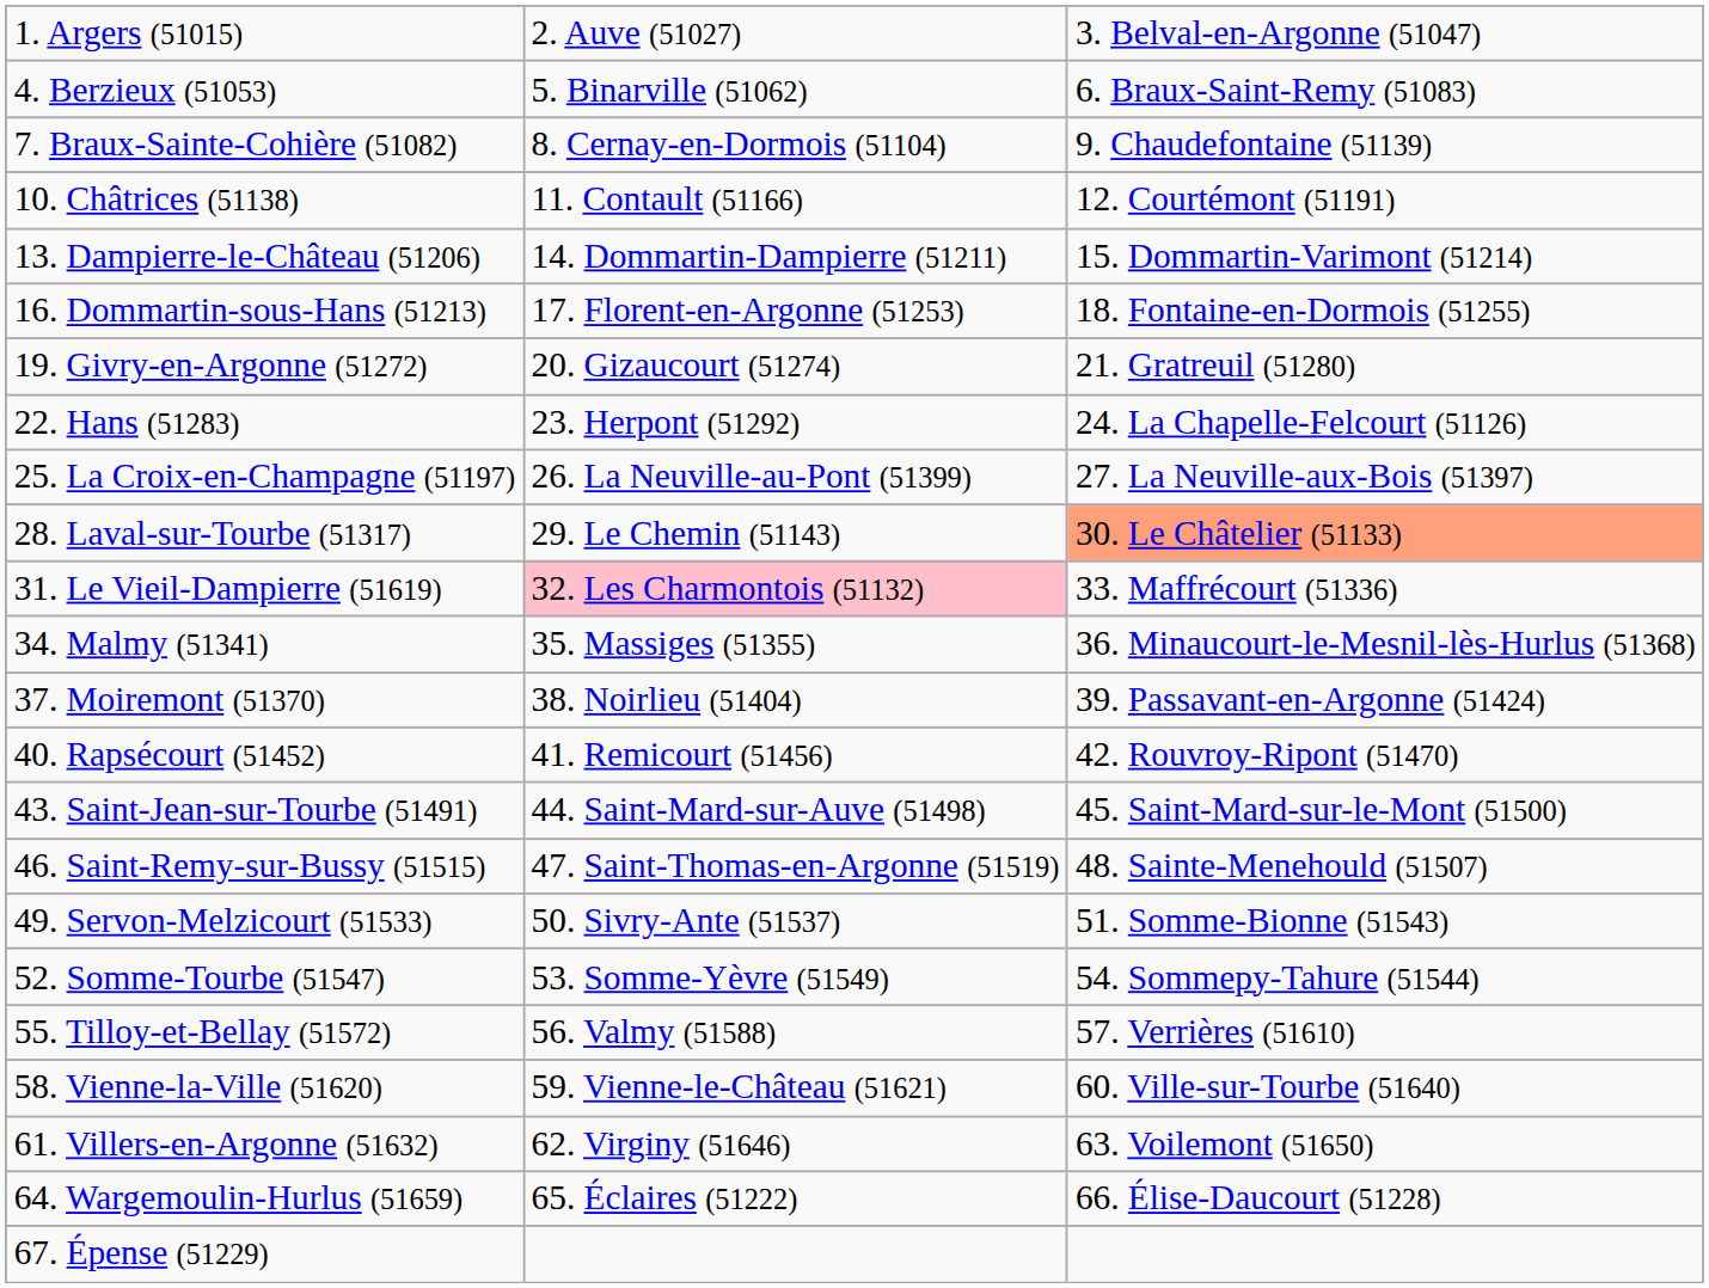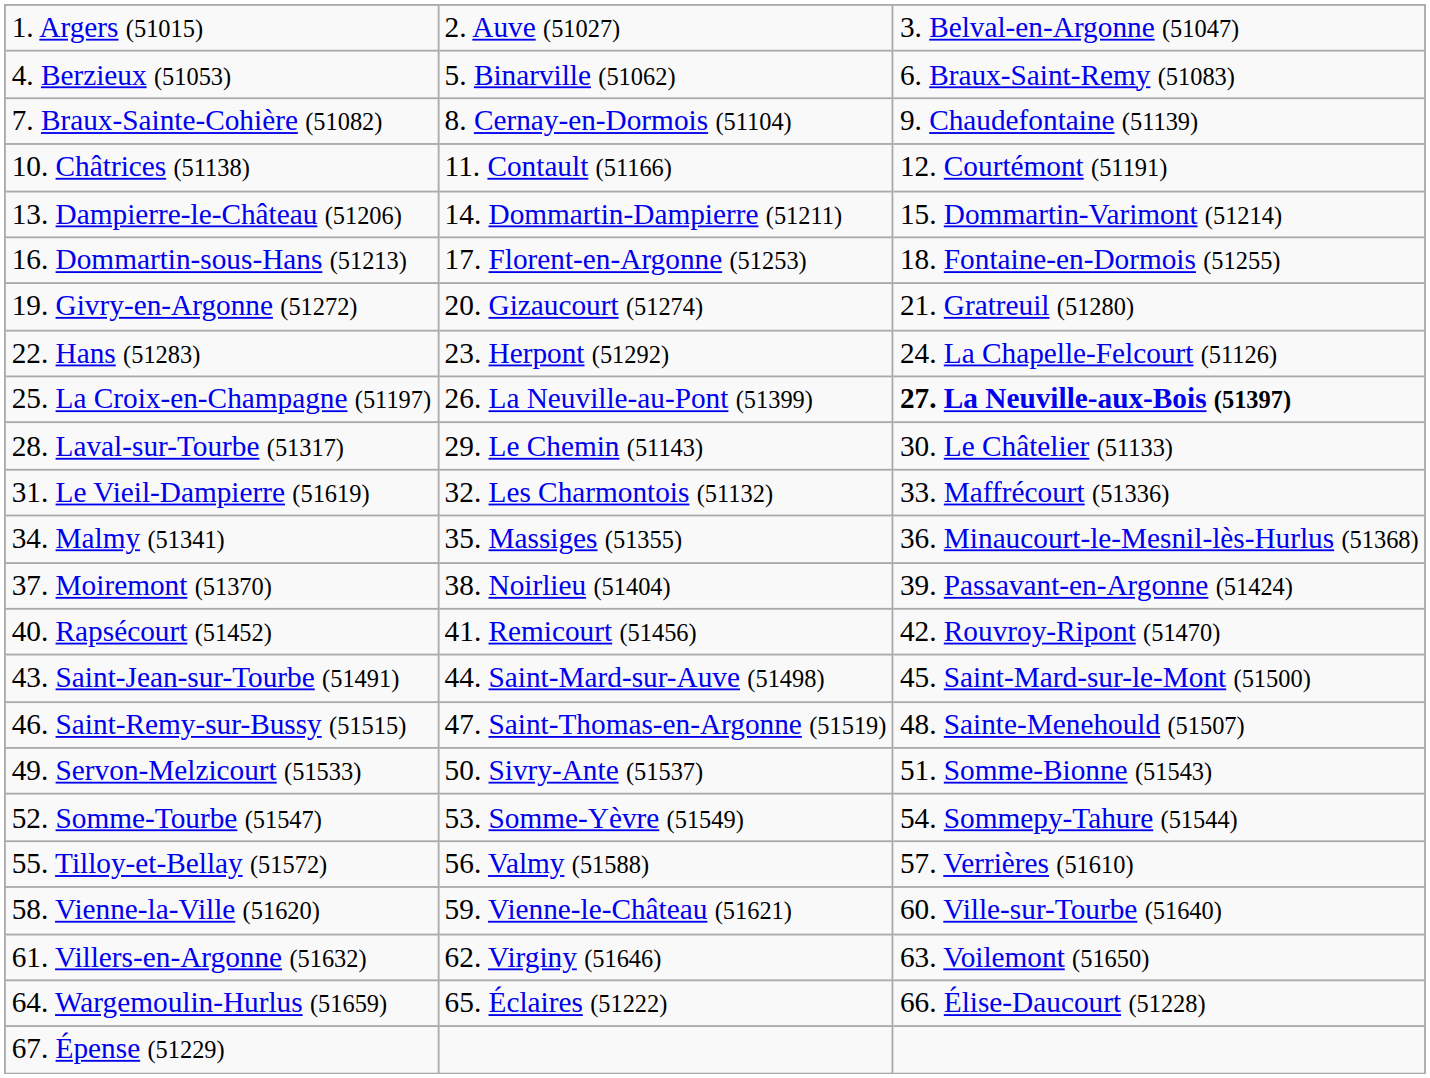 <table class="wikitable">
 <tr>
 <td>1. <a href='#'>Argers</a> <small>(51015)</small></td>
 <td>2. <a href='#'>Auve</a> <small>(51027)</small></td>
 <td>3. <a href='#'>Belval-en-Argonne</a> <small>(51047)</small></td>
 </tr>
 <tr>
 <td>4. <a href='#'>Berzieux</a> <small>(51053)</small></td>
 <td>5. <a href='#'>Binarville</a> <small>(51062)</small></td>
 <td>6. <a href='#'>Braux-Saint-Remy</a> <small>(51083)</small></td>
 </tr>
 <tr>
 <td>7. <a href='#'>Braux-Sainte-Cohière</a> <small>(51082)</small></td>
 <td>8. <a href='#'>Cernay-en-Dormois</a> <small>(51104)</small></td>
 <td>9. <a href='#'>Chaudefontaine</a> <small>(51139)</small></td>
 </tr>
 <tr>
 <td>10. <a href='#'>Châtrices</a> <small>(51138)</small></td>
 <td>11. <a href='#'>Contault</a> <small>(51166)</small></td>
 <td>12. <a href='#'>Courtémont</a> <small>(51191)</small></td>
 </tr>
 <tr>
 <td>13. <a href='#'>Dampierre-le-Château</a> <small>(51206)</small></td>
 <td>14. <a href='#'>Dommartin-Dampierre</a> <small>(51211)</small></td>
 <td>15. <a href='#'>Dommartin-Varimont</a> <small>(51214)</small></td>
 </tr>
 <tr>
 <td>16. <a href='#'>Dommartin-sous-Hans</a> <small>(51213)</small></td>
 <td>17. <a href='#'>Florent-en-Argonne</a> <small>(51253)</small></td>
 <td>18. <a href='#'>Fontaine-en-Dormois</a> <small>(51255)</small></td>
 </tr>
 <tr>
 <td>19. <a href='#'>Givry-en-Argonne</a> <small>(51272)</small></td>
 <td>20. <a href='#'>Gizaucourt</a> <small>(51274)</small></td>
 <td>21. <a href='#'>Gratreuil</a> <small>(51280)</small></td>
 </tr>
 <tr>
 <td>22. <a href='#'>Hans</a> <small>(51283)</small></td>
 <td>23. <a href='#'>Herpont</a> <small>(51292)</small></td>
 <td>24. <a href='#'>La Chapelle-Felcourt</a> <small>(51126)</small></td>
 </tr>
 <tr>
 <td>25. <a href='#'>La Croix-en-Champagne</a> <small>(51197)</small></td>
 <td>26. <a href='#'>La Neuville-au-Pont</a> <small>(51399)</small></td>
-<td>27. <a href='#'>La Neuville-aux-Bois</a> <small>(51397)</small></td>
+<td><strong>27. <a href='#'>La Neuville-aux-Bois</a> <small>(51397)</small></strong></td>
 </tr>
 <tr>
 <td>28. <a href='#'>Laval-sur-Tourbe</a> <small>(51317)</small></td>
 <td>29. <a href='#'>Le Chemin</a> <small>(51143)</small></td>
-<td style="background: lightsalmon;">30. <a href='#'>Le Châtelier</a> <small>(51133)</small></td>
+<td>30. <a href='#'>Le Châtelier</a> <small>(51133)</small></td>
 </tr>
 <tr>
 <td>31. <a href='#'>Le Vieil-Dampierre</a> <small>(51619)</small></td>
-<td style="background: pink;">32. <a href='#'>Les Charmontois</a> <small>(51132)</small></td>
+<td>32. <a href='#'>Les Charmontois</a> <small>(51132)</small></td>
 <td>33. <a href='#'>Maffrécourt</a> <small>(51336)</small></td>
 </tr>
 <tr>
 <td>34. <a href='#'>Malmy</a> <small>(51341)</small></td>
 <td>35. <a href='#'>Massiges</a> <small>(51355)</small></td>
 <td>36. <a href='#'>Minaucourt-le-Mesnil-lès-Hurlus</a> <small>(51368)</small></td>
 </tr>
 <tr>
 <td>37. <a href='#'>Moiremont</a> <small>(51370)</small></td>
 <td>38. <a href='#'>Noirlieu</a> <small>(51404)</small></td>
 <td>39. <a href='#'>Passavant-en-Argonne</a> <small>(51424)</small></td>
 </tr>
 <tr>
 <td>40. <a href='#'>Rapsécourt</a> <small>(51452)</small></td>
 <td>41. <a href='#'>Remicourt</a> <small>(51456)</small></td>
 <td>42. <a href='#'>Rouvroy-Ripont</a> <small>(51470)</small></td>
 </tr>
 <tr>
 <td>43. <a href='#'>Saint-Jean-sur-Tourbe</a> <small>(51491)</small></td>
 <td>44. <a href='#'>Saint-Mard-sur-Auve</a> <small>(51498)</small></td>
 <td>45. <a href='#'>Saint-Mard-sur-le-Mont</a> <small>(51500)</small></td>
 </tr>
 <tr>
 <td>46. <a href='#'>Saint-Remy-sur-Bussy</a> <small>(51515)</small></td>
 <td>47. <a href='#'>Saint-Thomas-en-Argonne</a> <small>(51519)</small></td>
 <td>48. <a href='#'>Sainte-Menehould</a> <small>(51507)</small></td>
 </tr>
 <tr>
 <td>49. <a href='#'>Servon-Melzicourt</a> <small>(51533)</small></td>
 <td>50. <a href='#'>Sivry-Ante</a> <small>(51537)</small></td>
 <td>51. <a href='#'>Somme-Bionne</a> <small>(51543)</small></td>
 </tr>
 <tr>
 <td>52. <a href='#'>Somme-Tourbe</a> <small>(51547)</small></td>
 <td>53. <a href='#'>Somme-Yèvre</a> <small>(51549)</small></td>
 <td>54. <a href='#'>Sommepy-Tahure</a> <small>(51544)</small></td>
 </tr>
 <tr>
 <td>55. <a href='#'>Tilloy-et-Bellay</a> <small>(51572)</small></td>
 <td>56. <a href='#'>Valmy</a> <small>(51588)</small></td>
 <td>57. <a href='#'>Verrières</a> <small>(51610)</small></td>
 </tr>
 <tr>
 <td>58. <a href='#'>Vienne-la-Ville</a> <small>(51620)</small></td>
 <td>59. <a href='#'>Vienne-le-Château</a> <small>(51621)</small></td>
 <td>60. <a href='#'>Ville-sur-Tourbe</a> <small>(51640)</small></td>
 </tr>
 <tr>
 <td>61. <a href='#'>Villers-en-Argonne</a> <small>(51632)</small></td>
 <td>62. <a href='#'>Virginy</a> <small>(51646)</small></td>
 <td>63. <a href='#'>Voilemont</a> <small>(51650)</small></td>
 </tr>
 <tr>
 <td>64. <a href='#'>Wargemoulin-Hurlus</a> <small>(51659)</small></td>
 <td>65. <a href='#'>Éclaires</a> <small>(51222)</small></td>
 <td>66. <a href='#'>Élise-Daucourt</a> <small>(51228)</small></td>
 </tr>
 <tr>
 <td>67. <a href='#'>Épense</a> <small>(51229)</small></td>
 <td></td>
 <td></td>
 </tr>
 </table>
